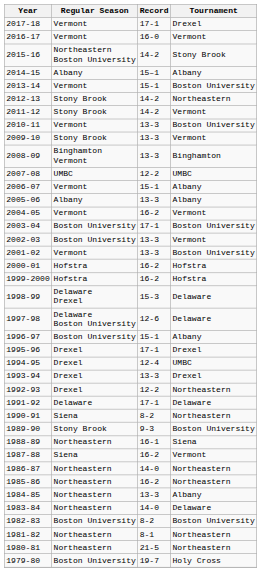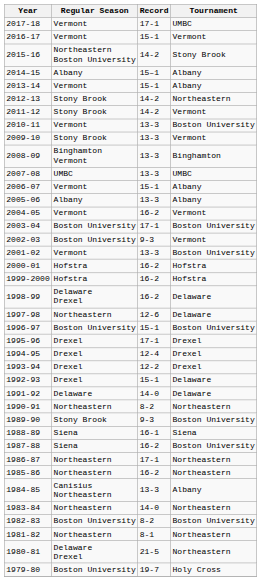 <table class="wikitable sortable">
 <tr>
 <th>Year</th>
 <th>Regular Season</th>
 <th>Record</th>
 <th>Tournament</th>
 </tr>
 <tr>
 <td>2017-18</td>
 <td>Vermont</td>
 <td>17-1</td>
-<td>Drexel</td>
+<td>UMBC</td>
 </tr>
 <tr>
 <td>2016-17</td>
 <td>Vermont</td>
-<td>16-0</td>
+<td>15-1</td>
 <td>Vermont</td>
 </tr>
 <tr>
 <td>2015-16</td>
 <td>Northeastern<br>Boston University</td>
 <td>14-2</td>
 <td>Stony Brook</td>
 </tr>
 <tr>
 <td>2014–15</td>
 <td>Albany</td>
 <td>15–1</td>
 <td>Albany</td>
 </tr>
 <tr>
 <td>2013-14</td>
 <td>Vermont</td>
 <td>15-1</td>
-<td>Boston University</td>
+<td>Albany</td>
 </tr>
 <tr>
 <td>2012-13</td>
 <td>Stony Brook</td>
 <td>14-2</td>
 <td>Northeastern</td>
 </tr>
 <tr>
 <td>2011-12</td>
 <td>Stony Brook</td>
 <td>14-2</td>
 <td>Vermont</td>
 </tr>
 <tr>
 <td>2010-11</td>
 <td>Vermont</td>
 <td>13-3</td>
 <td>Boston University</td>
 </tr>
 <tr>
 <td>2009-10</td>
 <td>Stony Brook</td>
 <td>13-3</td>
 <td>Vermont</td>
 </tr>
 <tr>
 <td>2008-09</td>
 <td>Binghamton<br>Vermont</td>
 <td>13-3</td>
 <td>Binghamton</td>
 </tr>
 <tr>
 <td>2007-08</td>
 <td>UMBC</td>
-<td>12-2</td>
+<td>13-3</td>
 <td>UMBC</td>
 </tr>
 <tr>
 <td>2006-07</td>
 <td>Vermont</td>
 <td>15-1</td>
 <td>Albany</td>
 </tr>
 <tr>
 <td>2005-06</td>
 <td>Albany</td>
 <td>13-3</td>
 <td>Albany</td>
 </tr>
 <tr>
 <td>2004-05</td>
 <td>Vermont</td>
 <td>16-2</td>
 <td>Vermont</td>
 </tr>
 <tr>
 <td>2003-04</td>
 <td>Boston University</td>
 <td>17-1</td>
 <td>Boston University</td>
 </tr>
 <tr>
 <td>2002-03</td>
 <td>Boston University</td>
-<td>13-3</td>
+<td>9-3</td>
 <td>Vermont</td>
 </tr>
 <tr>
 <td>2001-02</td>
 <td>Vermont</td>
 <td>13-3</td>
 <td>Boston University</td>
 </tr>
 <tr>
 <td>2000-01</td>
 <td>Hofstra</td>
 <td>16-2</td>
 <td>Hofstra</td>
 </tr>
 <tr>
 <td>1999-2000</td>
 <td>Hofstra</td>
 <td>16-2</td>
 <td>Hofstra</td>
 </tr>
 <tr>
 <td>1998-99</td>
 <td>Delaware<br>Drexel</td>
-<td>15-3</td>
+<td>16-2</td>
 <td>Delaware</td>
 </tr>
 <tr>
 <td>1997-98</td>
-<td>Delaware<br>Boston University</td>
+<td>Northeastern</td>
 <td>12-6</td>
 <td>Delaware</td>
 </tr>
 <tr>
 <td>1996-97</td>
 <td>Boston University</td>
 <td>15-1</td>
-<td>Albany</td>
+<td>Boston University</td>
 </tr>
 <tr>
 <td>1995-96</td>
 <td>Drexel</td>
 <td>17-1</td>
 <td>Drexel</td>
 </tr>
 <tr>
 <td>1994-95</td>
 <td>Drexel</td>
 <td>12-4</td>
-<td>UMBC</td>
+<td>Drexel</td>
 </tr>
 <tr>
 <td>1993-94</td>
 <td>Drexel</td>
-<td>13-3</td>
+<td>12-2</td>
 <td>Drexel</td>
 </tr>
 <tr>
 <td>1992-93</td>
 <td>Drexel</td>
-<td>12-2</td>
-<td>Northeastern</td>
+<td>15-1</td>
+<td>Delaware</td>
 </tr>
 <tr>
 <td>1991-92</td>
 <td>Delaware</td>
-<td>17-1</td>
+<td>14-0</td>
 <td>Delaware</td>
 </tr>
 <tr>
 <td>1990-91</td>
-<td>Siena</td>
+<td>Northeastern</td>
 <td>8-2</td>
 <td>Northeastern</td>
 </tr>
 <tr>
 <td>1989-90</td>
 <td>Stony Brook</td>
 <td>9-3</td>
 <td>Boston University</td>
 </tr>
 <tr>
 <td>1988-89</td>
-<td>Northeastern</td>
+<td>Siena</td>
 <td>16-1</td>
 <td>Siena</td>
 </tr>
 <tr>
 <td>1987-88</td>
 <td>Siena</td>
 <td>16-2</td>
-<td>Vermont</td>
+<td>Boston University</td>
 </tr>
 <tr>
 <td>1986-87</td>
 <td>Northeastern</td>
-<td>14-0</td>
+<td>17-1</td>
 <td>Northeastern</td>
 </tr>
 <tr>
 <td>1985-86</td>
 <td>Northeastern</td>
 <td>16-2</td>
 <td>Northeastern</td>
 </tr>
 <tr>
 <td>1984-85</td>
-<td>Northeastern</td>
+<td>Canisius<br>Northeastern</td>
 <td>13-3</td>
 <td>Albany</td>
 </tr>
 <tr>
 <td>1983-84</td>
 <td>Northeastern</td>
 <td>14-0</td>
-<td>Delaware</td>
+<td>Northeastern</td>
 </tr>
 <tr>
 <td>1982-83</td>
 <td>Boston University</td>
 <td>8-2</td>
 <td>Boston University</td>
 </tr>
 <tr>
 <td>1981-82</td>
 <td>Northeastern</td>
 <td>8-1</td>
 <td>Northeastern</td>
 </tr>
 <tr>
 <td>1980-81</td>
-<td>Northeastern</td>
+<td>Delaware<br>Drexel</td>
 <td>21-5</td>
 <td>Northeastern</td>
 </tr>
 <tr>
 <td>1979-80</td>
 <td>Boston University</td>
 <td>19-7</td>
 <td>Holy Cross</td>
 </tr>
 <tr>
 </tr>
 </table>
